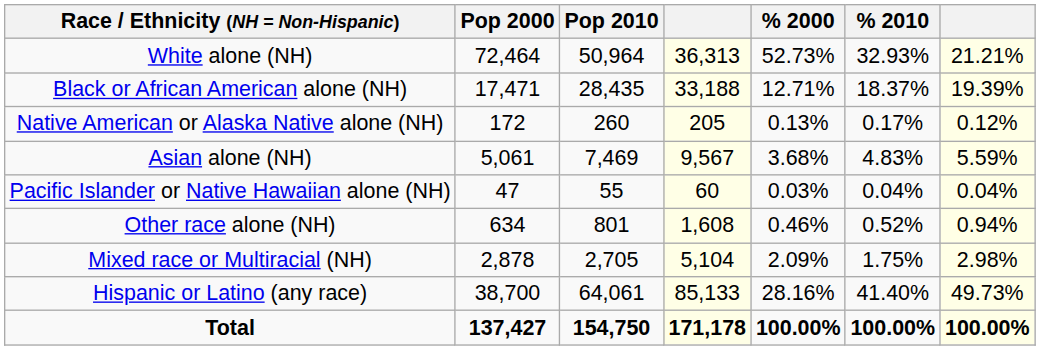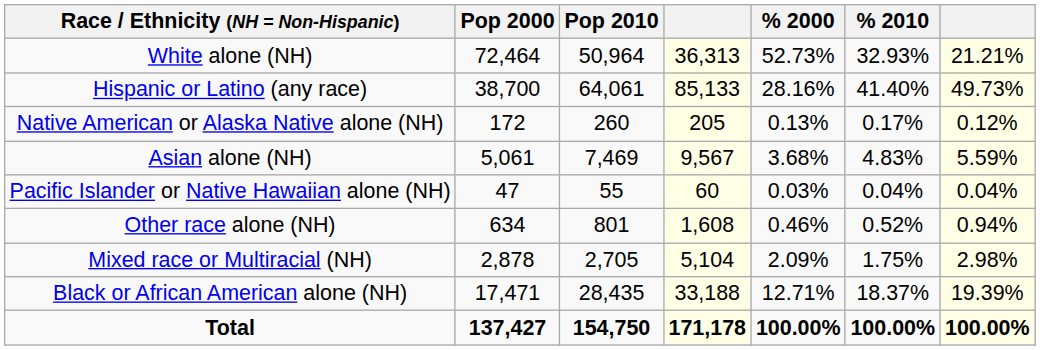 <table class="wikitable" style="text-align:center;">
 <tr>
 <th>Race / Ethnicity <small>(<em>NH = Non-Hispanic</em>)</small></th>
 <th>Pop 2000</th>
 <th>Pop 2010</th>
 <th></th>
 <th>% 2000</th>
 <th>% 2010</th>
 <th></th>
 </tr>
 <tr>
 <td><a href='#'>White</a> alone (NH)</td>
 <td>72,464</td>
 <td>50,964</td>
 <td style='background: #ffffe6;'>36,313</td>
 <td>52.73%</td>
 <td>32.93%</td>
 <td style='background: #ffffe6;'>21.21%</td>
 </tr>
 <tr>
-<td><a href='#'>Black or African American</a> alone (NH)</td>
-<td>17,471</td>
-<td>28,435</td>
-<td style='background: #ffffe6;'>33,188</td>
-<td>12.71%</td>
-<td>18.37%</td>
-<td style='background: #ffffe6;'>19.39%</td>
+<td><a href='#'>Hispanic or Latino</a> (any race)</td>
+<td>38,700</td>
+<td>64,061</td>
+<td style='background: #ffffe6;'>85,133</td>
+<td>28.16%</td>
+<td>41.40%</td>
+<td style='background: #ffffe6;'>49.73%</td>
 </tr>
 <tr>
 <td><a href='#'>Native American</a> or <a href='#'>Alaska Native</a> alone (NH)</td>
 <td>172</td>
 <td>260</td>
 <td style='background: #ffffe6;'>205</td>
 <td>0.13%</td>
 <td>0.17%</td>
 <td style='background: #ffffe6;'>0.12%</td>
 </tr>
 <tr>
 <td><a href='#'>Asian</a> alone (NH)</td>
 <td>5,061</td>
 <td>7,469</td>
 <td style='background: #ffffe6;'>9,567</td>
 <td>3.68%</td>
 <td>4.83%</td>
 <td style='background: #ffffe6;'>5.59%</td>
 </tr>
 <tr>
 <td><a href='#'>Pacific Islander</a> or <a href='#'>Native Hawaiian</a> alone (NH)</td>
 <td>47</td>
 <td>55</td>
 <td style='background: #ffffe6;'>60</td>
 <td>0.03%</td>
 <td>0.04%</td>
 <td style='background: #ffffe6;'>0.04%</td>
 </tr>
 <tr>
 <td><a href='#'>Other race</a> alone (NH)</td>
 <td>634</td>
 <td>801</td>
 <td style='background: #ffffe6;'>1,608</td>
 <td>0.46%</td>
 <td>0.52%</td>
 <td style='background: #ffffe6;'>0.94%</td>
 </tr>
 <tr>
 <td><a href='#'>Mixed race or Multiracial</a> (NH)</td>
 <td>2,878</td>
 <td>2,705</td>
 <td style='background: #ffffe6;'>5,104</td>
 <td>2.09%</td>
 <td>1.75%</td>
 <td style='background: #ffffe6;'>2.98%</td>
 </tr>
 <tr>
-<td><a href='#'>Hispanic or Latino</a> (any race)</td>
-<td>38,700</td>
-<td>64,061</td>
-<td style='background: #ffffe6;'>85,133</td>
-<td>28.16%</td>
-<td>41.40%</td>
-<td style='background: #ffffe6;'>49.73%</td>
+<td><a href='#'>Black or African American</a> alone (NH)</td>
+<td>17,471</td>
+<td>28,435</td>
+<td style='background: #ffffe6;'>33,188</td>
+<td>12.71%</td>
+<td>18.37%</td>
+<td style='background: #ffffe6;'>19.39%</td>
 </tr>
 <tr>
 <td><strong>Total</strong></td>
 <td><strong>137,427</strong></td>
 <td><strong>154,750</strong></td>
 <td style='background: #ffffe6;'><strong>171,178</strong></td>
 <td><strong>100.00%</strong></td>
 <td><strong>100.00%</strong></td>
 <td style='background: #ffffe6;'><strong>100.00%</strong></td>
 </tr>
 </table>
